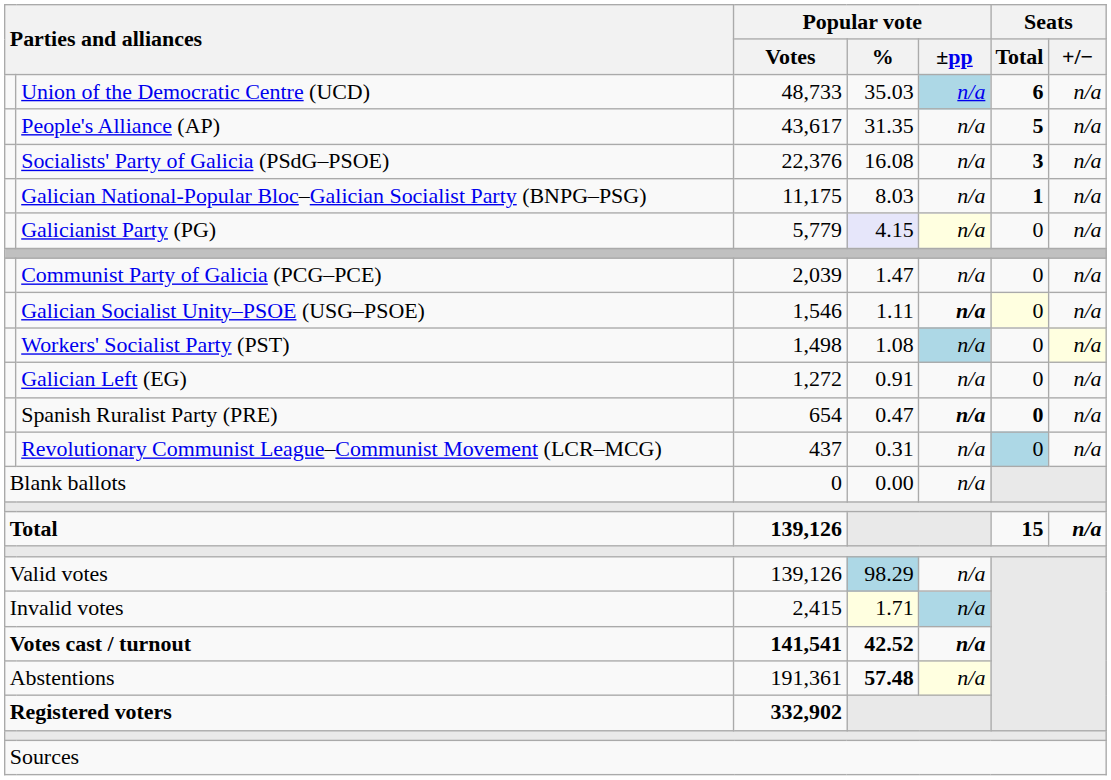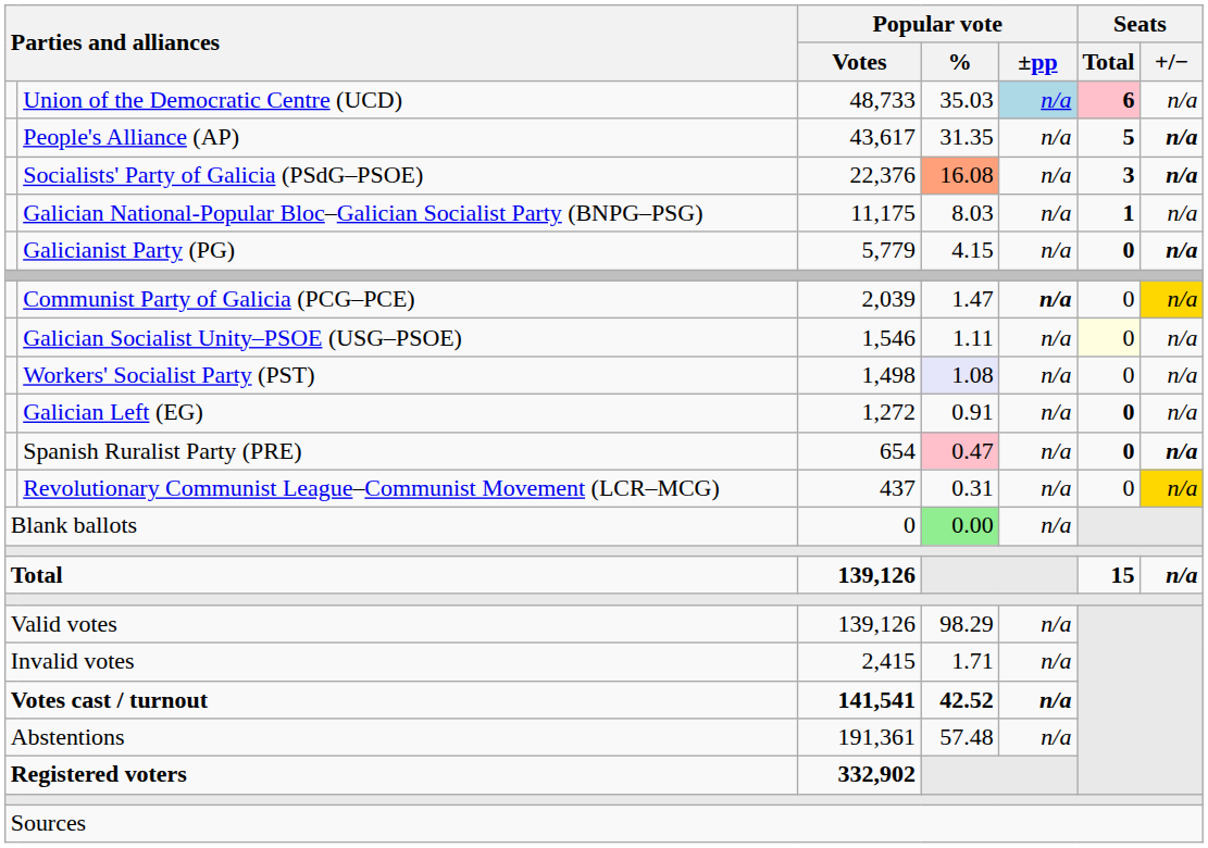 <table class="wikitable" style="text-align:right;">
 <tr>
 <th style="text-align:left;" rowspan="2" colspan="2" width="525">Parties and alliances</th>
 <th colspan="3">Popular vote</th>
 <th colspan="2">Seats</th>
 </tr>
 <tr>
 <th width="75">Votes</th>
 <th width="45">%</th>
 <th width="45">±<a href='#'>pp</a></th>
 <th width="35">Total</th>
 <th width="35">+/−</th>
 </tr>
 <tr>
 <td width="1" style="color:inherit;background:"></td>
 <td align="left"><a href='#'>Union of the Democratic Centre</a> (UCD)</td>
 <td>48,733</td>
 <td>35.03</td>
 <td style="background: lightblue;"><em><a href='#'>n/a</a></em></td>
-<td><strong>6</strong></td>
+<td style="background: pink;"><strong>6</strong></td>
 <td><em>n/a</em></td>
 </tr>
 <tr>
 <td style="color:inherit;background:"></td>
 <td align="left"><a href='#'>People's Alliance</a> (AP)</td>
 <td>43,617</td>
 <td>31.35</td>
 <td><em>n/a</em></td>
 <td><strong>5</strong></td>
-<td><em>n/a</em></td>
+<td><strong><em>n/a</em></strong></td>
 </tr>
 <tr>
 <td style="color:inherit;background:"></td>
 <td align="left"><a href='#'>Socialists' Party of Galicia</a> (PSdG–PSOE)</td>
 <td>22,376</td>
-<td>16.08</td>
+<td style="background: lightsalmon;">16.08</td>
 <td><em>n/a</em></td>
 <td><strong>3</strong></td>
-<td><em>n/a</em></td>
+<td><strong><em>n/a</em></strong></td>
 </tr>
 <tr>
 <td style="color:inherit;background:"></td>
 <td align="left"><a href='#'>Galician National-Popular Bloc</a>–<a href='#'>Galician Socialist Party</a> (BNPG–PSG)</td>
 <td>11,175</td>
 <td>8.03</td>
 <td><em>n/a</em></td>
 <td><strong>1</strong></td>
 <td><em>n/a</em></td>
 </tr>
 <tr>
 <td style="color:inherit;background:"></td>
 <td align="left"><a href='#'>Galicianist Party</a> (PG)</td>
 <td>5,779</td>
-<td style="background: lavender;">4.15</td>
-<td style="background: lightyellow;"><em>n/a</em></td>
-<td>0</td>
+<td>4.15</td>
 <td><em>n/a</em></td>
+<td><strong>0</strong></td>
+<td><strong><em>n/a</em></strong></td>
 </tr>
 <tr>
 <td colspan="7" bgcolor="#C0C0C0"></td>
 </tr>
 <tr>
 <td style="color:inherit;background:"></td>
 <td align="left"><a href='#'>Communist Party of Galicia</a> (PCG–PCE)</td>
 <td>2,039</td>
 <td>1.47</td>
-<td><em>n/a</em></td>
+<td><strong><em>n/a</em></strong></td>
 <td>0</td>
-<td><em>n/a</em></td>
+<td style="background: gold;"><em>n/a</em></td>
 </tr>
 <tr>
 <td style="color:inherit;background:"></td>
 <td align="left"><a href='#'>Galician Socialist Unity–PSOE</a> (USG–PSOE)</td>
 <td>1,546</td>
 <td>1.11</td>
-<td><strong><em>n/a</em></strong></td>
+<td><em>n/a</em></td>
 <td style="background: lightyellow;">0</td>
 <td><em>n/a</em></td>
 </tr>
 <tr>
 <td style="color:inherit;background:"></td>
 <td align="left"><a href='#'>Workers' Socialist Party</a> (PST)</td>
 <td>1,498</td>
-<td>1.08</td>
-<td style="background: lightblue;"><em>n/a</em></td>
+<td style="background: lavender;">1.08</td>
+<td><em>n/a</em></td>
 <td>0</td>
-<td style="background: lightyellow;"><em>n/a</em></td>
+<td><em>n/a</em></td>
 </tr>
 <tr>
 <td style="color:inherit;background:"></td>
 <td align="left"><a href='#'>Galician Left</a> (EG)</td>
 <td>1,272</td>
 <td>0.91</td>
 <td><em>n/a</em></td>
-<td>0</td>
+<td><strong>0</strong></td>
 <td><em>n/a</em></td>
 </tr>
 <tr>
 <td style="color:inherit;background:"></td>
 <td align="left">Spanish Ruralist Party (PRE)</td>
 <td>654</td>
-<td>0.47</td>
+<td style="background: pink;">0.47</td>
+<td><em>n/a</em></td>
+<td><strong>0</strong></td>
 <td><strong><em>n/a</em></strong></td>
-<td><strong>0</strong></td>
-<td><em>n/a</em></td>
 </tr>
 <tr>
 <td style="color:inherit;background:"></td>
 <td align="left"><a href='#'>Revolutionary Communist League</a>–<a href='#'>Communist Movement</a> (LCR–MCG)</td>
 <td>437</td>
 <td>0.31</td>
 <td><em>n/a</em></td>
-<td style="background: lightblue;">0</td>
-<td><em>n/a</em></td>
+<td>0</td>
+<td style="background: gold;"><em>n/a</em></td>
 </tr>
 <tr>
 <td align="left" colspan="2">Blank ballots</td>
 <td>0</td>
-<td>0.00</td>
+<td style="background: lightgreen;">0.00</td>
 <td><em>n/a</em></td>
 <td bgcolor="#E9E9E9" colspan="2"></td>
 </tr>
 <tr>
 <td colspan="7" bgcolor="#E9E9E9"></td>
 </tr>
 <tr style="font-weight:bold;">
 <td align="left" colspan="2">Total</td>
 <td>139,126</td>
 <td bgcolor="#E9E9E9" colspan="2"></td>
 <td>15</td>
 <td><em>n/a</em></td>
 </tr>
 <tr>
 <td colspan="7" bgcolor="#E9E9E9"></td>
 </tr>
 <tr>
 <td align="left" colspan="2">Valid votes</td>
 <td>139,126</td>
-<td style="background: lightblue;">98.29</td>
+<td>98.29</td>
 <td><em>n/a</em></td>
 <td bgcolor="#E9E9E9" colspan="2" rowspan="5"></td>
 </tr>
 <tr>
 <td align="left" colspan="2">Invalid votes</td>
 <td>2,415</td>
-<td style="background: lightyellow;">1.71</td>
-<td style="background: lightblue;"><em>n/a</em></td>
+<td>1.71</td>
+<td><em>n/a</em></td>
 </tr>
 <tr style="font-weight:bold;">
 <td align="left" colspan="2">Votes cast / turnout</td>
 <td>141,541</td>
 <td>42.52</td>
 <td><em>n/a</em></td>
 </tr>
 <tr>
 <td align="left" colspan="2">Abstentions</td>
 <td>191,361</td>
-<td><strong>57.48</strong></td>
-<td style="background: lightyellow;"><em>n/a</em></td>
+<td>57.48</td>
+<td><em>n/a</em></td>
 </tr>
 <tr style="font-weight:bold;">
 <td align="left" colspan="2">Registered voters</td>
 <td>332,902</td>
 <td bgcolor="#E9E9E9" colspan="2"></td>
 </tr>
 <tr>
 <td colspan="7" bgcolor="#E9E9E9"></td>
 </tr>
 <tr>
 <td align="left" colspan="7">Sources</td>
 </tr>
 </table>
